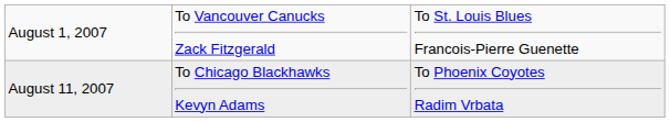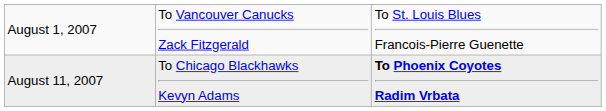 <table cellspacing=0 class="wikitable" style="border:1px solid #999999; width:720px;">
 <tr>
 <td>August 1, 2007</td>
 <td valign="top">To <a href='#'>Vancouver Canucks</a><hr><a href='#'>Zack Fitzgerald</a></td>
 <td valign="top">To <a href='#'>St. Louis Blues</a><hr>Francois-Pierre Guenette</td>
 </tr>
 <tr bgcolor="#eeeeee">
 <td>August 11, 2007</td>
 <td valign="top">To <a href='#'>Chicago Blackhawks</a><hr><a href='#'>Kevyn Adams</a></td>
-<td valign="top">To <a href='#'>Phoenix Coyotes</a><hr><a href='#'>Radim Vrbata</a></td>
+<td valign="top"><strong>To <a href='#'>Phoenix Coyotes</a><hr><a href='#'>Radim Vrbata</a></strong></td>
 </tr>
 </table>
